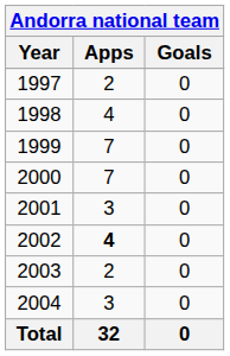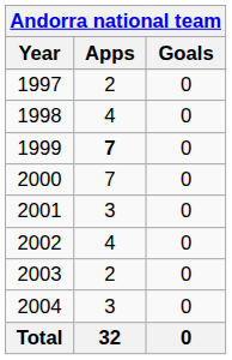 <table class="wikitable" style="text-align:center">
 <tr>
 <th colspan=3><a href='#'>Andorra national team</a></th>
 </tr>
 <tr>
 <th>Year</th>
 <th>Apps</th>
 <th>Goals</th>
 </tr>
 <tr>
 </tr>
 <tr>
 <td>1997</td>
 <td>2</td>
 <td>0</td>
 </tr>
 <tr>
 <td>1998</td>
 <td>4</td>
 <td>0</td>
 </tr>
 <tr>
 <td>1999</td>
-<td>7</td>
+<td><strong>7</strong></td>
 <td>0</td>
 </tr>
 <tr>
 <td>2000</td>
 <td>7</td>
 <td>0</td>
 </tr>
 <tr>
 <td>2001</td>
 <td>3</td>
 <td>0</td>
 </tr>
 <tr>
 <td>2002</td>
-<td><strong>4</strong></td>
+<td>4</td>
 <td>0</td>
 </tr>
 <tr>
 <td>2003</td>
 <td>2</td>
 <td>0</td>
 </tr>
 <tr>
 <td>2004</td>
 <td>3</td>
 <td>0</td>
 </tr>
 <tr>
 <th>Total</th>
 <th>32</th>
 <th>0</th>
 </tr>
 </table>
